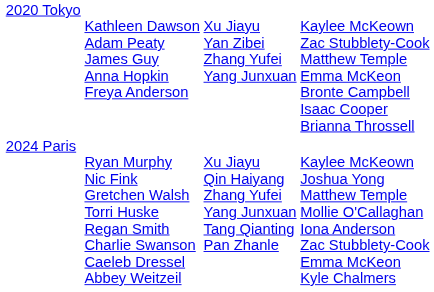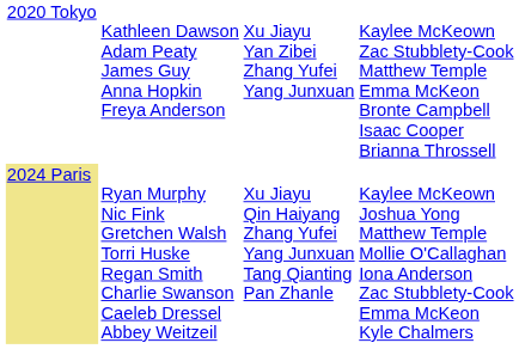 <table>
 <tr valign="top">
 <td><a href='#'>2020 Tokyo</a><br></td>
 <td> <br> <a href='#'>Kathleen Dawson</a> <br><a href='#'>Adam Peaty</a> <br><a href='#'>James Guy</a> <br><a href='#'>Anna Hopkin</a> <br><a href='#'>Freya Anderson</a></td>
 <td> <br> <a href='#'>Xu Jiayu</a> <br><a href='#'>Yan Zibei</a> <br><a href='#'>Zhang Yufei</a> <br><a href='#'>Yang Junxuan</a></td>
 <td> <br> <a href='#'>Kaylee McKeown</a> <br><a href='#'>Zac Stubblety-Cook</a> <br><a href='#'>Matthew Temple</a> <br><a href='#'>Emma McKeon</a> <br> <a href='#'>Bronte Campbell</a> <br><a href='#'>Isaac Cooper</a> <br><a href='#'>Brianna Throssell</a></td>
 </tr>
 <tr valign="top">
-<td><a href='#'>2024 Paris</a><br></td>
+<td style="background: khaki;"><a href='#'>2024 Paris</a><br></td>
 <td><br><a href='#'>Ryan Murphy</a><br><a href='#'>Nic Fink</a><br><a href='#'>Gretchen Walsh</a><br><a href='#'>Torri Huske</a><br><a href='#'>Regan Smith</a><br><a href='#'>Charlie Swanson</a><br><a href='#'>Caeleb Dressel</a><br><a href='#'>Abbey Weitzeil</a></td>
 <td><br><a href='#'>Xu Jiayu</a><br><a href='#'>Qin Haiyang</a><br><a href='#'>Zhang Yufei</a><br><a href='#'>Yang Junxuan</a><br><a href='#'>Tang Qianting</a><br><a href='#'>Pan Zhanle</a></td>
 <td><br><a href='#'>Kaylee McKeown</a><br><a href='#'>Joshua Yong</a><br><a href='#'>Matthew Temple</a><br><a href='#'>Mollie O'Callaghan</a><br><a href='#'>Iona Anderson</a><br><a href='#'>Zac Stubblety-Cook</a><br><a href='#'>Emma McKeon</a><br><a href='#'>Kyle Chalmers</a></td>
 </tr>
 <tr>
 </tr>
 </table>
